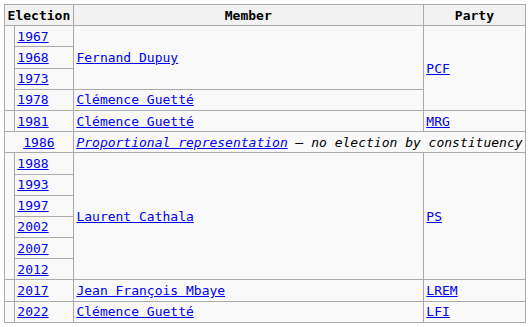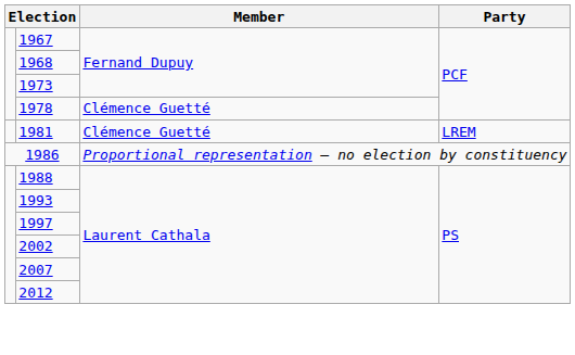 <table class="wikitable">
 <tr>
 <th colspan="2">Election</th>
 <th>Member</th>
 <th>Party</th>
 </tr>
 <tr>
 <td rowspan="4" style="color:inherit;background-color: "></td>
 <td><a href='#'>1967</a></td>
 <td rowspan="3"><a href='#'>Fernand Dupuy</a></td>
 <td rowspan="4"><a href='#'>PCF</a></td>
 </tr>
 <tr>
 <td><a href='#'>1968</a></td>
 </tr>
 <tr>
 <td><a href='#'>1973</a></td>
 </tr>
 <tr>
 <td><a href='#'>1978</a></td>
 <td><a href='#'>Clémence Guetté</a></td>
 </tr>
 <tr>
 <td style="color:inherit;background-color: "></td>
 <td><a href='#'>1981</a></td>
 <td><a href='#'>Clémence Guetté</a></td>
-<td><a href='#'>MRG</a></td>
+<td><a href='#'>LREM</a></td>
 </tr>
 <tr>
 <td colspan="2" align="center"><a href='#'>1986</a></td>
 <td colspan="2"><em><a href='#'>Proportional representation</a> – no election by constituency</em></td>
 </tr>
 <tr>
 <td rowspan=6 style="color:inherit;background-color: "></td>
 <td><a href='#'>1988</a></td>
 <td rowspan=6><a href='#'>Laurent Cathala</a></td>
 <td rowspan=6><a href='#'>PS</a></td>
 </tr>
 <tr>
 <td><a href='#'>1993</a></td>
 </tr>
 <tr>
 <td><a href='#'>1997</a></td>
 </tr>
 <tr>
 <td><a href='#'>2002</a></td>
 </tr>
 <tr>
 <td><a href='#'>2007</a></td>
 </tr>
 <tr>
 <td><a href='#'>2012</a></td>
 </tr>
-<tr>
-<td style="color:inherit;background-color: "></td>
-<td><a href='#'>2017</a></td>
-<td><a href='#'>Jean François Mbaye</a></td>
-<td><a href='#'>LREM</a></td>
-</tr>
-<tr>
-<td style="color:inherit;background-color: "></td>
-<td><a href='#'>2022</a></td>
-<td><a href='#'>Clémence Guetté</a></td>
-<td><a href='#'>LFI</a></td>
-</tr>
 </table>
